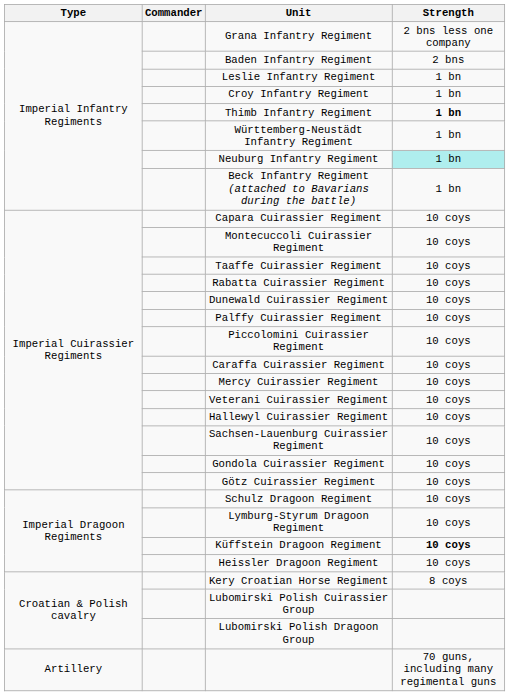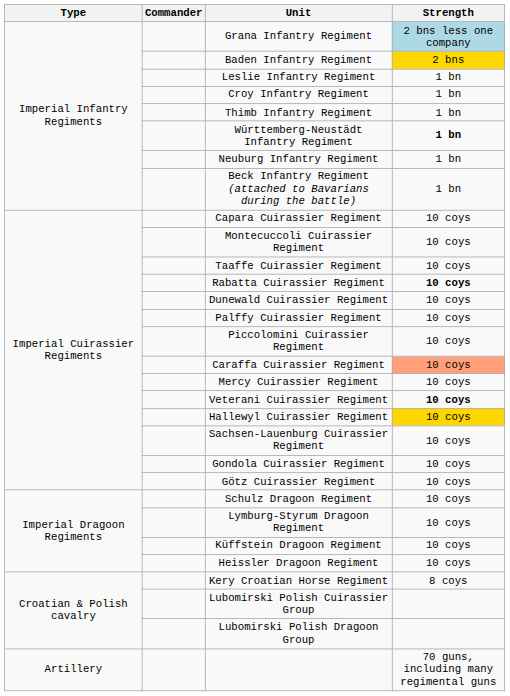 <table class="wikitable mw-collapsible" style="text-align:center" ;>
 <tr>
 <th>Type</th>
 <th>Commander</th>
 <th>Unit</th>
 <th>Strength</th>
 </tr>
 <tr>
 <td rowspan="8">Imperial Infantry Regiments</td>
 <td></td>
 <td>Grana Infantry Regiment</td>
-<td>2 bns less one company</td>
+<td style="background: lightblue;">2 bns less one company</td>
 </tr>
 <tr>
 <td></td>
 <td>Baden Infantry Regiment</td>
-<td>2 bns</td>
+<td style="background: gold;">2 bns</td>
 </tr>
 <tr>
 <td></td>
 <td>Leslie Infantry Regiment</td>
 <td>1 bn</td>
 </tr>
 <tr>
 <td></td>
 <td>Croy Infantry Regiment</td>
 <td>1 bn</td>
 </tr>
 <tr>
 <td></td>
 <td>Thimb Infantry Regiment</td>
+<td>1 bn</td>
+</tr>
+<tr>
+<td></td>
+<td>Württemberg-Neustädt Infantry Regiment</td>
 <td><strong>1 bn</strong></td>
 </tr>
 <tr>
 <td></td>
-<td>Württemberg-Neustädt Infantry Regiment</td>
+<td>Neuburg Infantry Regiment</td>
 <td>1 bn</td>
-</tr>
-<tr>
-<td></td>
-<td>Neuburg Infantry Regiment</td>
-<td style="background: paleturquoise;">1 bn</td>
 </tr>
 <tr>
 <td></td>
 <td>Beck Infantry Regiment<br><em>(attached to Bavarians during the battle)</em></td>
 <td>1 bn</td>
 </tr>
 <tr>
 <td rowspan="14">Imperial Cuirassier Regiments</td>
 <td></td>
 <td>Capara Cuirassier Regiment</td>
 <td>10 coys</td>
 </tr>
 <tr>
 <td></td>
 <td>Montecuccoli Cuirassier Regiment</td>
 <td>10 coys</td>
 </tr>
 <tr>
 <td></td>
 <td>Taaffe Cuirassier Regiment</td>
 <td>10 coys</td>
 </tr>
 <tr>
 <td></td>
 <td>Rabatta Cuirassier Regiment</td>
-<td>10 coys</td>
+<td><strong>10 coys</strong></td>
 </tr>
 <tr>
 <td></td>
 <td>Dunewald Cuirassier Regiment</td>
 <td>10 coys</td>
 </tr>
 <tr>
 <td></td>
 <td>Palffy Cuirassier Regiment</td>
 <td>10 coys</td>
 </tr>
 <tr>
 <td></td>
 <td>Piccolomini Cuirassier Regiment</td>
 <td>10 coys</td>
 </tr>
 <tr>
 <td></td>
 <td>Caraffa Cuirassier Regiment</td>
-<td>10 coys</td>
+<td style="background: lightsalmon;">10 coys</td>
 </tr>
 <tr>
 <td></td>
 <td>Mercy Cuirassier Regiment</td>
 <td>10 coys</td>
 </tr>
 <tr>
 <td></td>
 <td>Veterani Cuirassier Regiment</td>
-<td>10 coys</td>
+<td><strong>10 coys</strong></td>
 </tr>
 <tr>
 <td></td>
 <td>Hallewyl Cuirassier Regiment</td>
-<td>10 coys</td>
+<td style="background: gold;">10 coys</td>
 </tr>
 <tr>
 <td></td>
 <td>Sachsen-Lauenburg Cuirassier Regiment</td>
 <td>10 coys</td>
 </tr>
 <tr>
 <td></td>
 <td>Gondola Cuirassier Regiment</td>
 <td>10 coys</td>
 </tr>
 <tr>
 <td></td>
 <td>Götz Cuirassier Regiment</td>
 <td>10 coys</td>
 </tr>
 <tr>
 <td rowspan="4">Imperial Dragoon Regiments</td>
 <td></td>
 <td>Schulz Dragoon Regiment</td>
 <td>10 coys</td>
 </tr>
 <tr>
 <td></td>
 <td>Lymburg-Styrum Dragoon Regiment</td>
 <td>10 coys</td>
 </tr>
 <tr>
 <td></td>
 <td>Küffstein Dragoon Regiment</td>
-<td><strong>10 coys</strong></td>
+<td>10 coys</td>
 </tr>
 <tr>
 <td></td>
 <td>Heissler Dragoon Regiment</td>
 <td>10 coys</td>
 </tr>
 <tr>
 <td rowspan="3">Croatian & Polish cavalry</td>
 <td></td>
 <td>Kery Croatian Horse Regiment</td>
 <td>8 coys</td>
 </tr>
 <tr>
 <td></td>
 <td>Lubomirski Polish Cuirassier Group</td>
 <td></td>
 </tr>
 <tr>
 <td></td>
 <td>Lubomirski Polish Dragoon Group</td>
 <td></td>
 </tr>
 <tr>
 <td>Artillery</td>
 <td></td>
 <td></td>
 <td>70 guns,<br>including many<br>regimental guns</td>
 </tr>
 </table>
